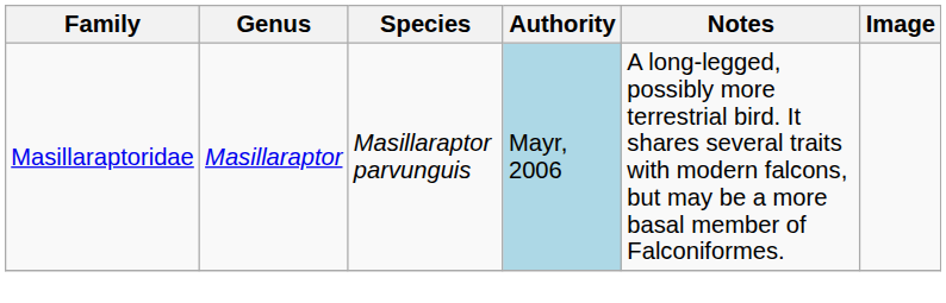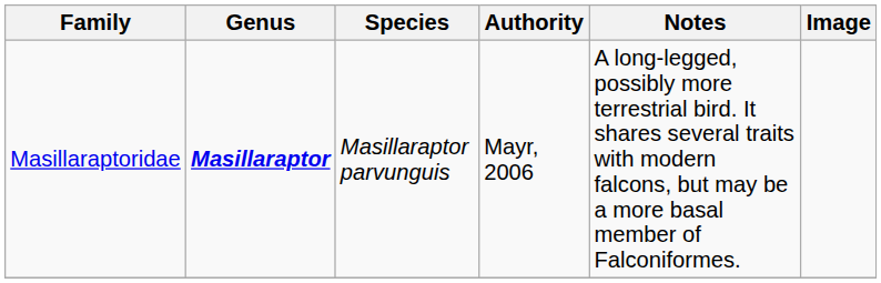 <table class="wikitable" align="center" width="100%">
 <tr>
 <th>Family</th>
 <th>Genus</th>
 <th>Species</th>
 <th>Authority</th>
 <th>Notes</th>
 <th>Image</th>
 </tr>
 <tr>
 <td><a href='#'>Masillaraptoridae</a></td>
-<td><em><a href='#'>Masillaraptor</a></em></td>
+<td><strong><em><a href='#'>Masillaraptor</a></em></strong></td>
 <td><em>Masillaraptor parvunguis</em></td>
-<td style="background: lightblue;">Mayr, 2006</td>
+<td>Mayr, 2006</td>
 <td>A long-legged, possibly more terrestrial bird. It shares several traits with modern falcons, but may be a more basal member of Falconiformes.</td>
 <td></td>
 </tr>
 <tr>
 </tr>
 </table>
